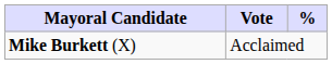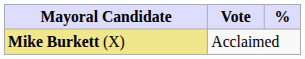 <table class="wikitable">
 <tr>
 <th style="background:#ddf; width:200px;">Mayoral Candidate</th>
 <th style="background:#ddf; width:50px;">Vote</th>
 <th style="background:#ddf; width:30px;">%</th>
 </tr>
 <tr>
-<td><strong>Mike Burkett</strong> (X)</td>
+<td style="background: khaki;"><strong>Mike Burkett</strong> (X)</td>
 <td colspan="2">Acclaimed</td>
 </tr>
 </table>
